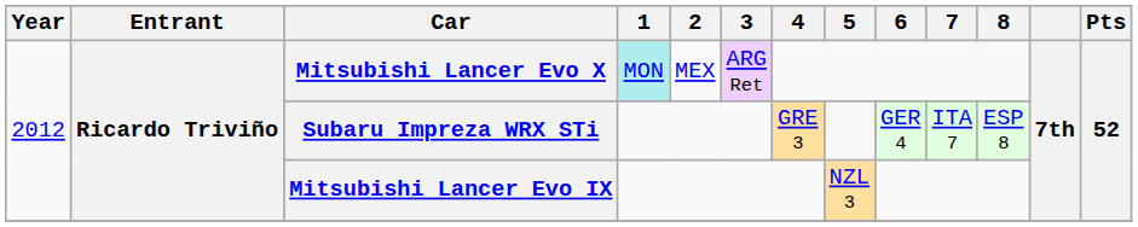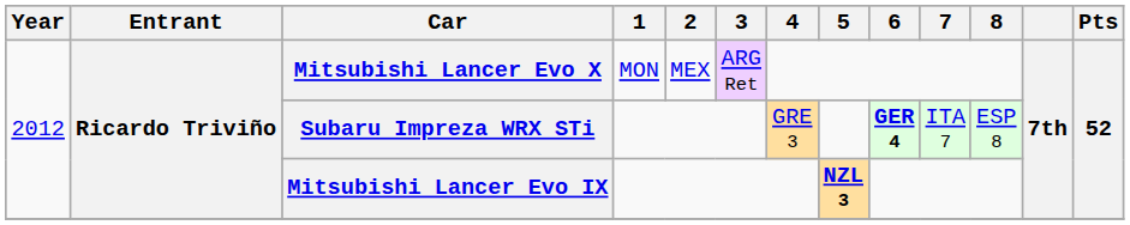 <table class="wikitable" border="1" style="text-align:center; font-size:85%;">
 <tr>
 <th>Year</th>
 <th>Entrant</th>
 <th>Car</th>
 <th>1</th>
 <th>2</th>
 <th>3</th>
 <th>4</th>
 <th>5</th>
 <th>6</th>
 <th>7</th>
 <th>8</th>
 <th></th>
 <th>Pts</th>
 </tr>
 <tr>
 <td rowspan=3><a href='#'>2012</a></td>
 <th rowspan=3 nowrap>Ricardo Triviño</th>
 <th nowrap><a href='#'>Mitsubishi Lancer Evo X</a></th>
-<td style="background: paleturquoise;"><a href='#'>MON</a></td>
+<td><a href='#'>MON</a></td>
 <td><a href='#'>MEX</a></td>
 <td style="background:#EFCFFF;"><a href='#'>ARG</a><br><small>Ret</small></td>
 <td colspan=5></td>
 <th rowspan=3>7th</th>
 <th rowspan=3>52</th>
 </tr>
 <tr>
 <th nowrap><a href='#'>Subaru Impreza WRX STi</a></th>
 <td colspan=3></td>
 <td style="background:#FFDF9F;"><a href='#'>GRE</a><br><small>3</small></td>
 <td></td>
-<td style="background:#DFFFDF;"><a href='#'>GER</a><br><small>4</small></td>
+<td style="background:#DFFFDF;"><strong><a href='#'>GER</a><br><small>4</small></strong></td>
 <td style="background:#DFFFDF;"><a href='#'>ITA</a><br><small>7</small></td>
 <td style="background:#DFFFDF;"><a href='#'>ESP</a><br><small>8</small></td>
 </tr>
 <tr>
 <th nowrap><a href='#'>Mitsubishi Lancer Evo IX</a></th>
 <td colspan=4></td>
-<td style="background:#FFDF9F;"><a href='#'>NZL</a><br><small>3</small></td>
+<td style="background:#FFDF9F;"><strong><a href='#'>NZL</a><br><small>3</small></strong></td>
 <td colspan=3></td>
 </tr>
 <tr>
 </tr>
 </table>
